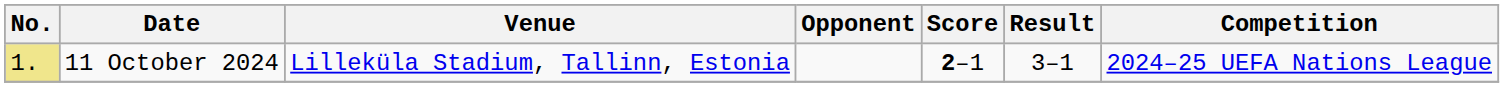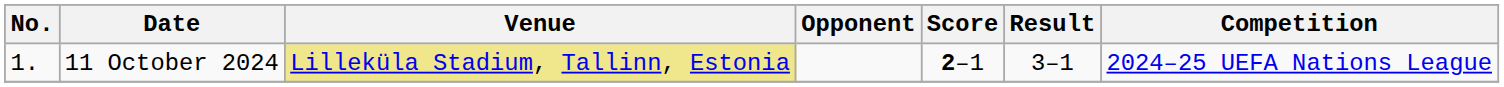 <table class="wikitable">
 <tr>
 <th>No.</th>
 <th>Date</th>
 <th>Venue</th>
 <th>Opponent</th>
 <th>Score</th>
 <th>Result</th>
 <th>Competition</th>
 </tr>
 <tr>
-<td style="background: khaki;">1.</td>
+<td>1.</td>
 <td>11 October 2024</td>
-<td><a href='#'>Lilleküla Stadium</a>, <a href='#'>Tallinn</a>, <a href='#'>Estonia</a></td>
+<td style="background: khaki;"><a href='#'>Lilleküla Stadium</a>, <a href='#'>Tallinn</a>, <a href='#'>Estonia</a></td>
 <td></td>
 <td align=center><strong>2</strong>–1</td>
 <td align=center>3–1</td>
 <td><a href='#'>2024–25 UEFA Nations League</a></td>
 </tr>
 <tr>
 </tr>
 </table>
